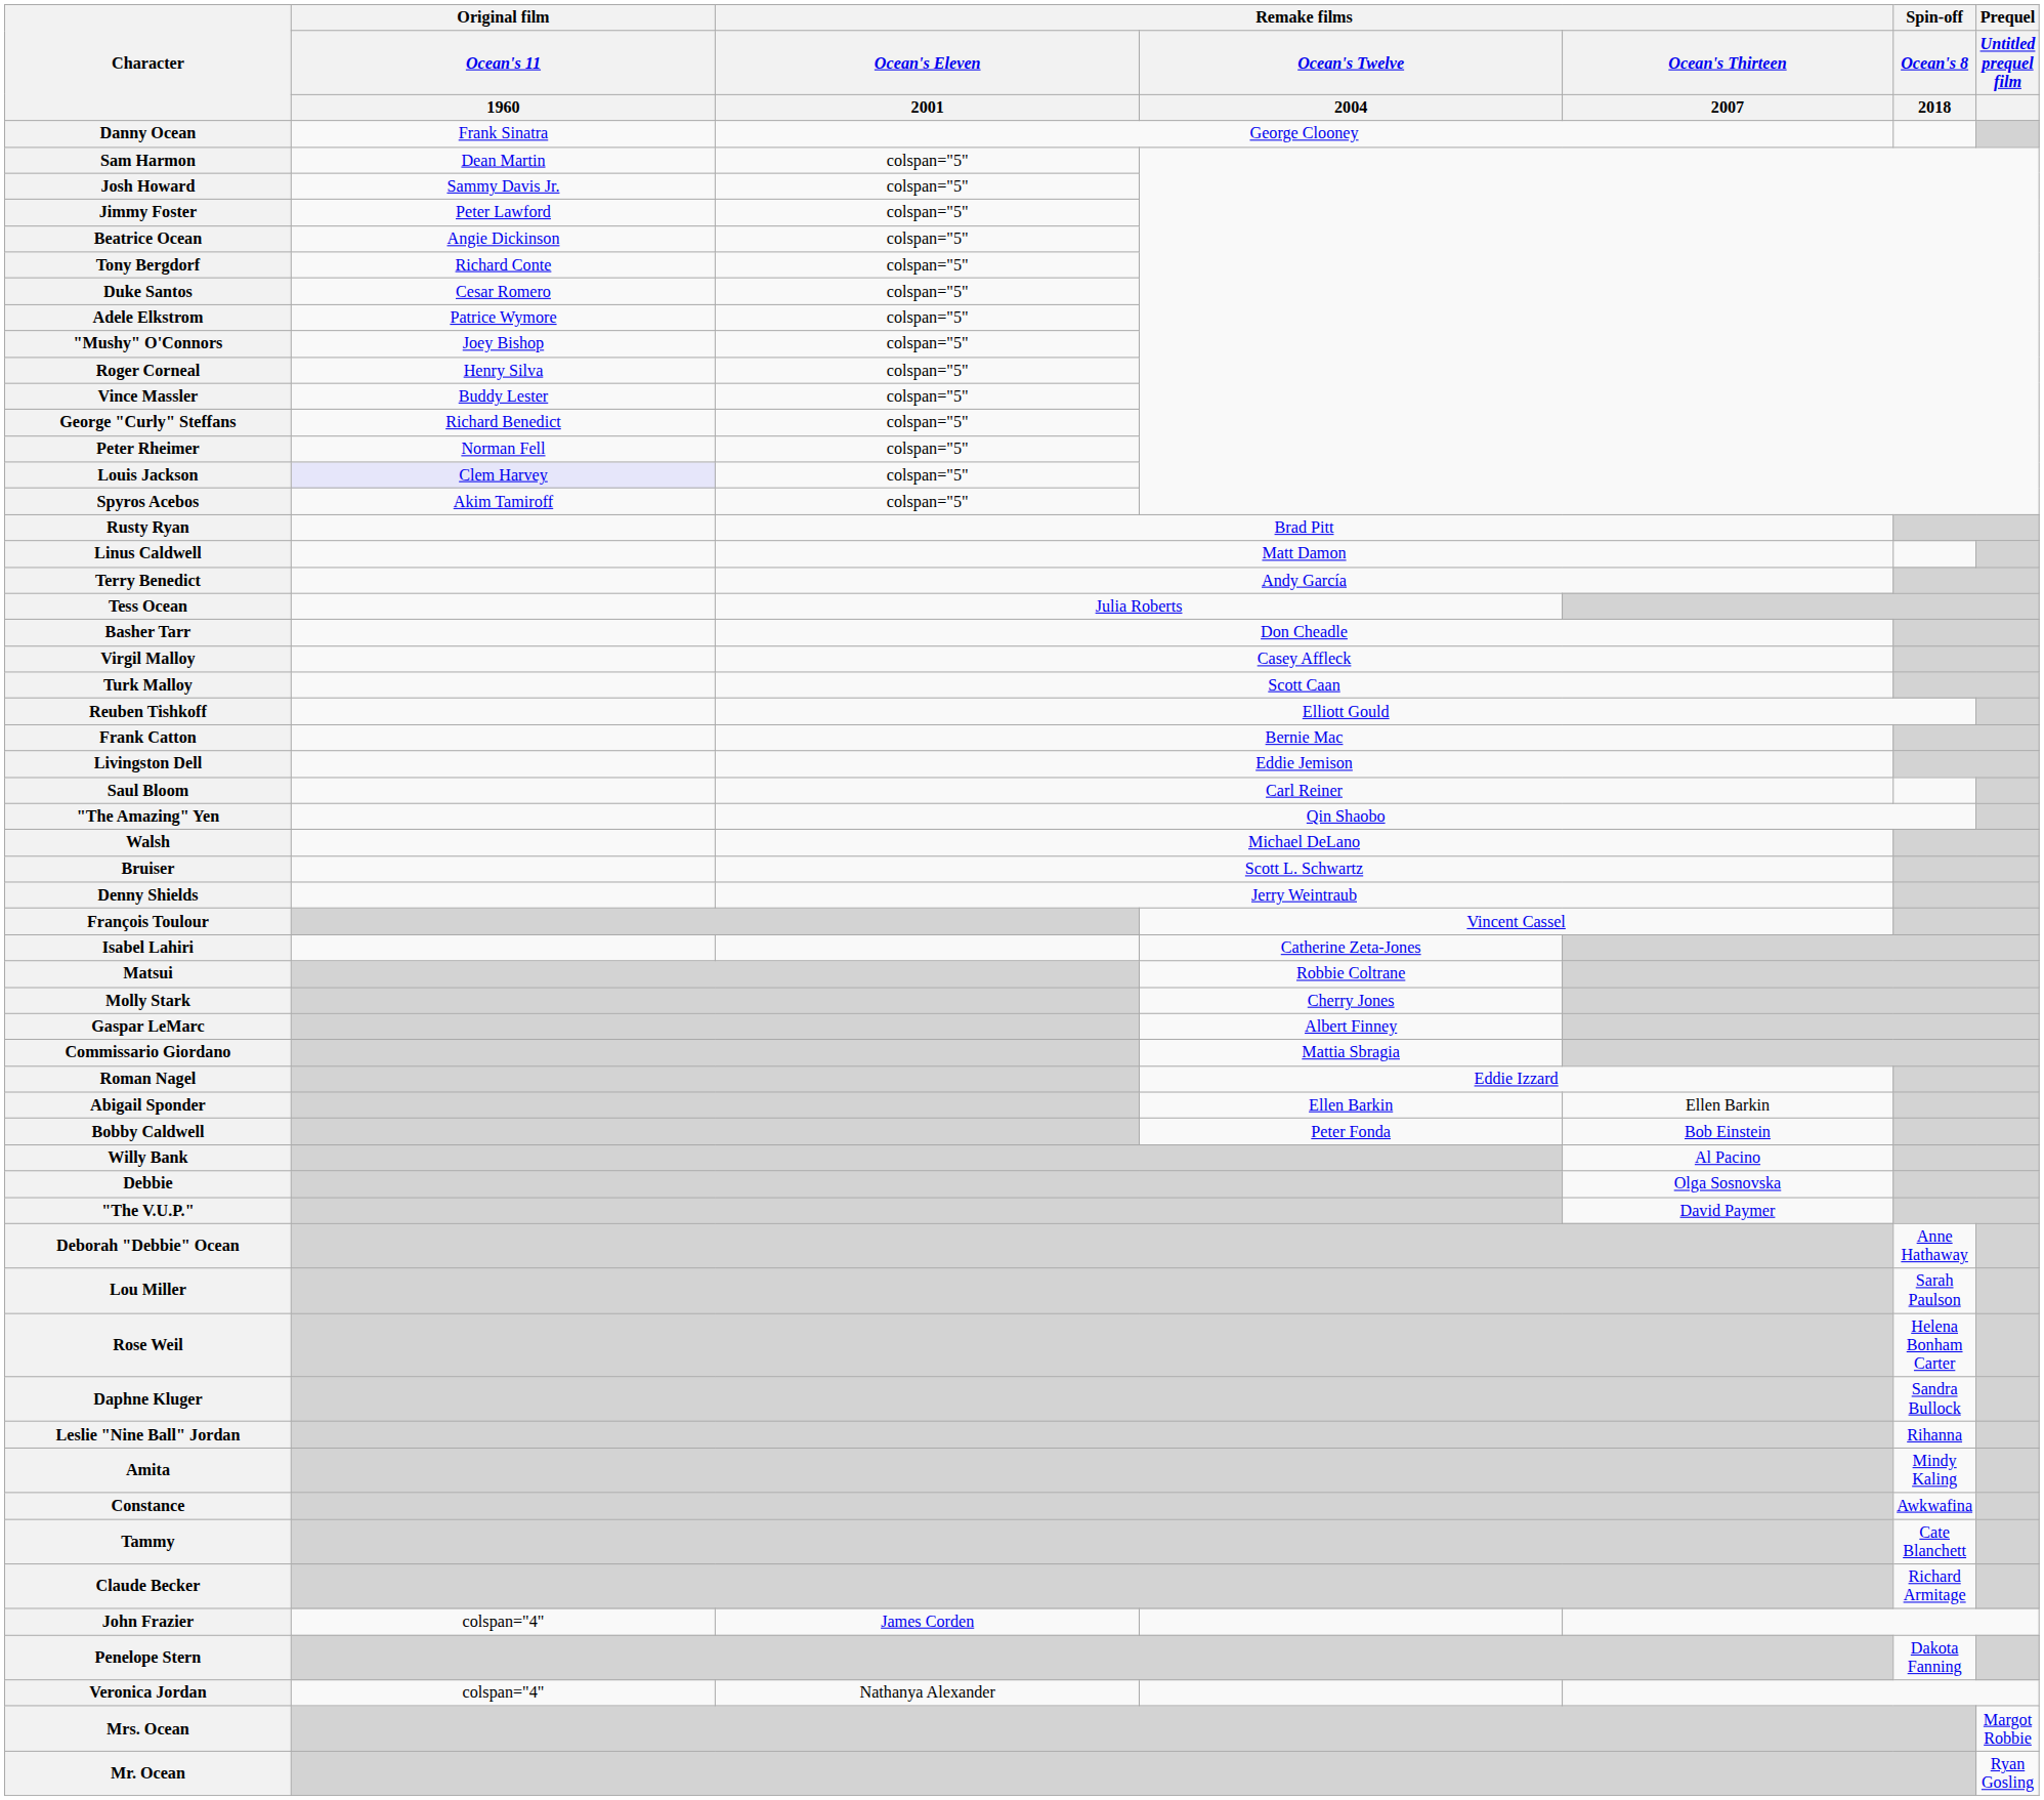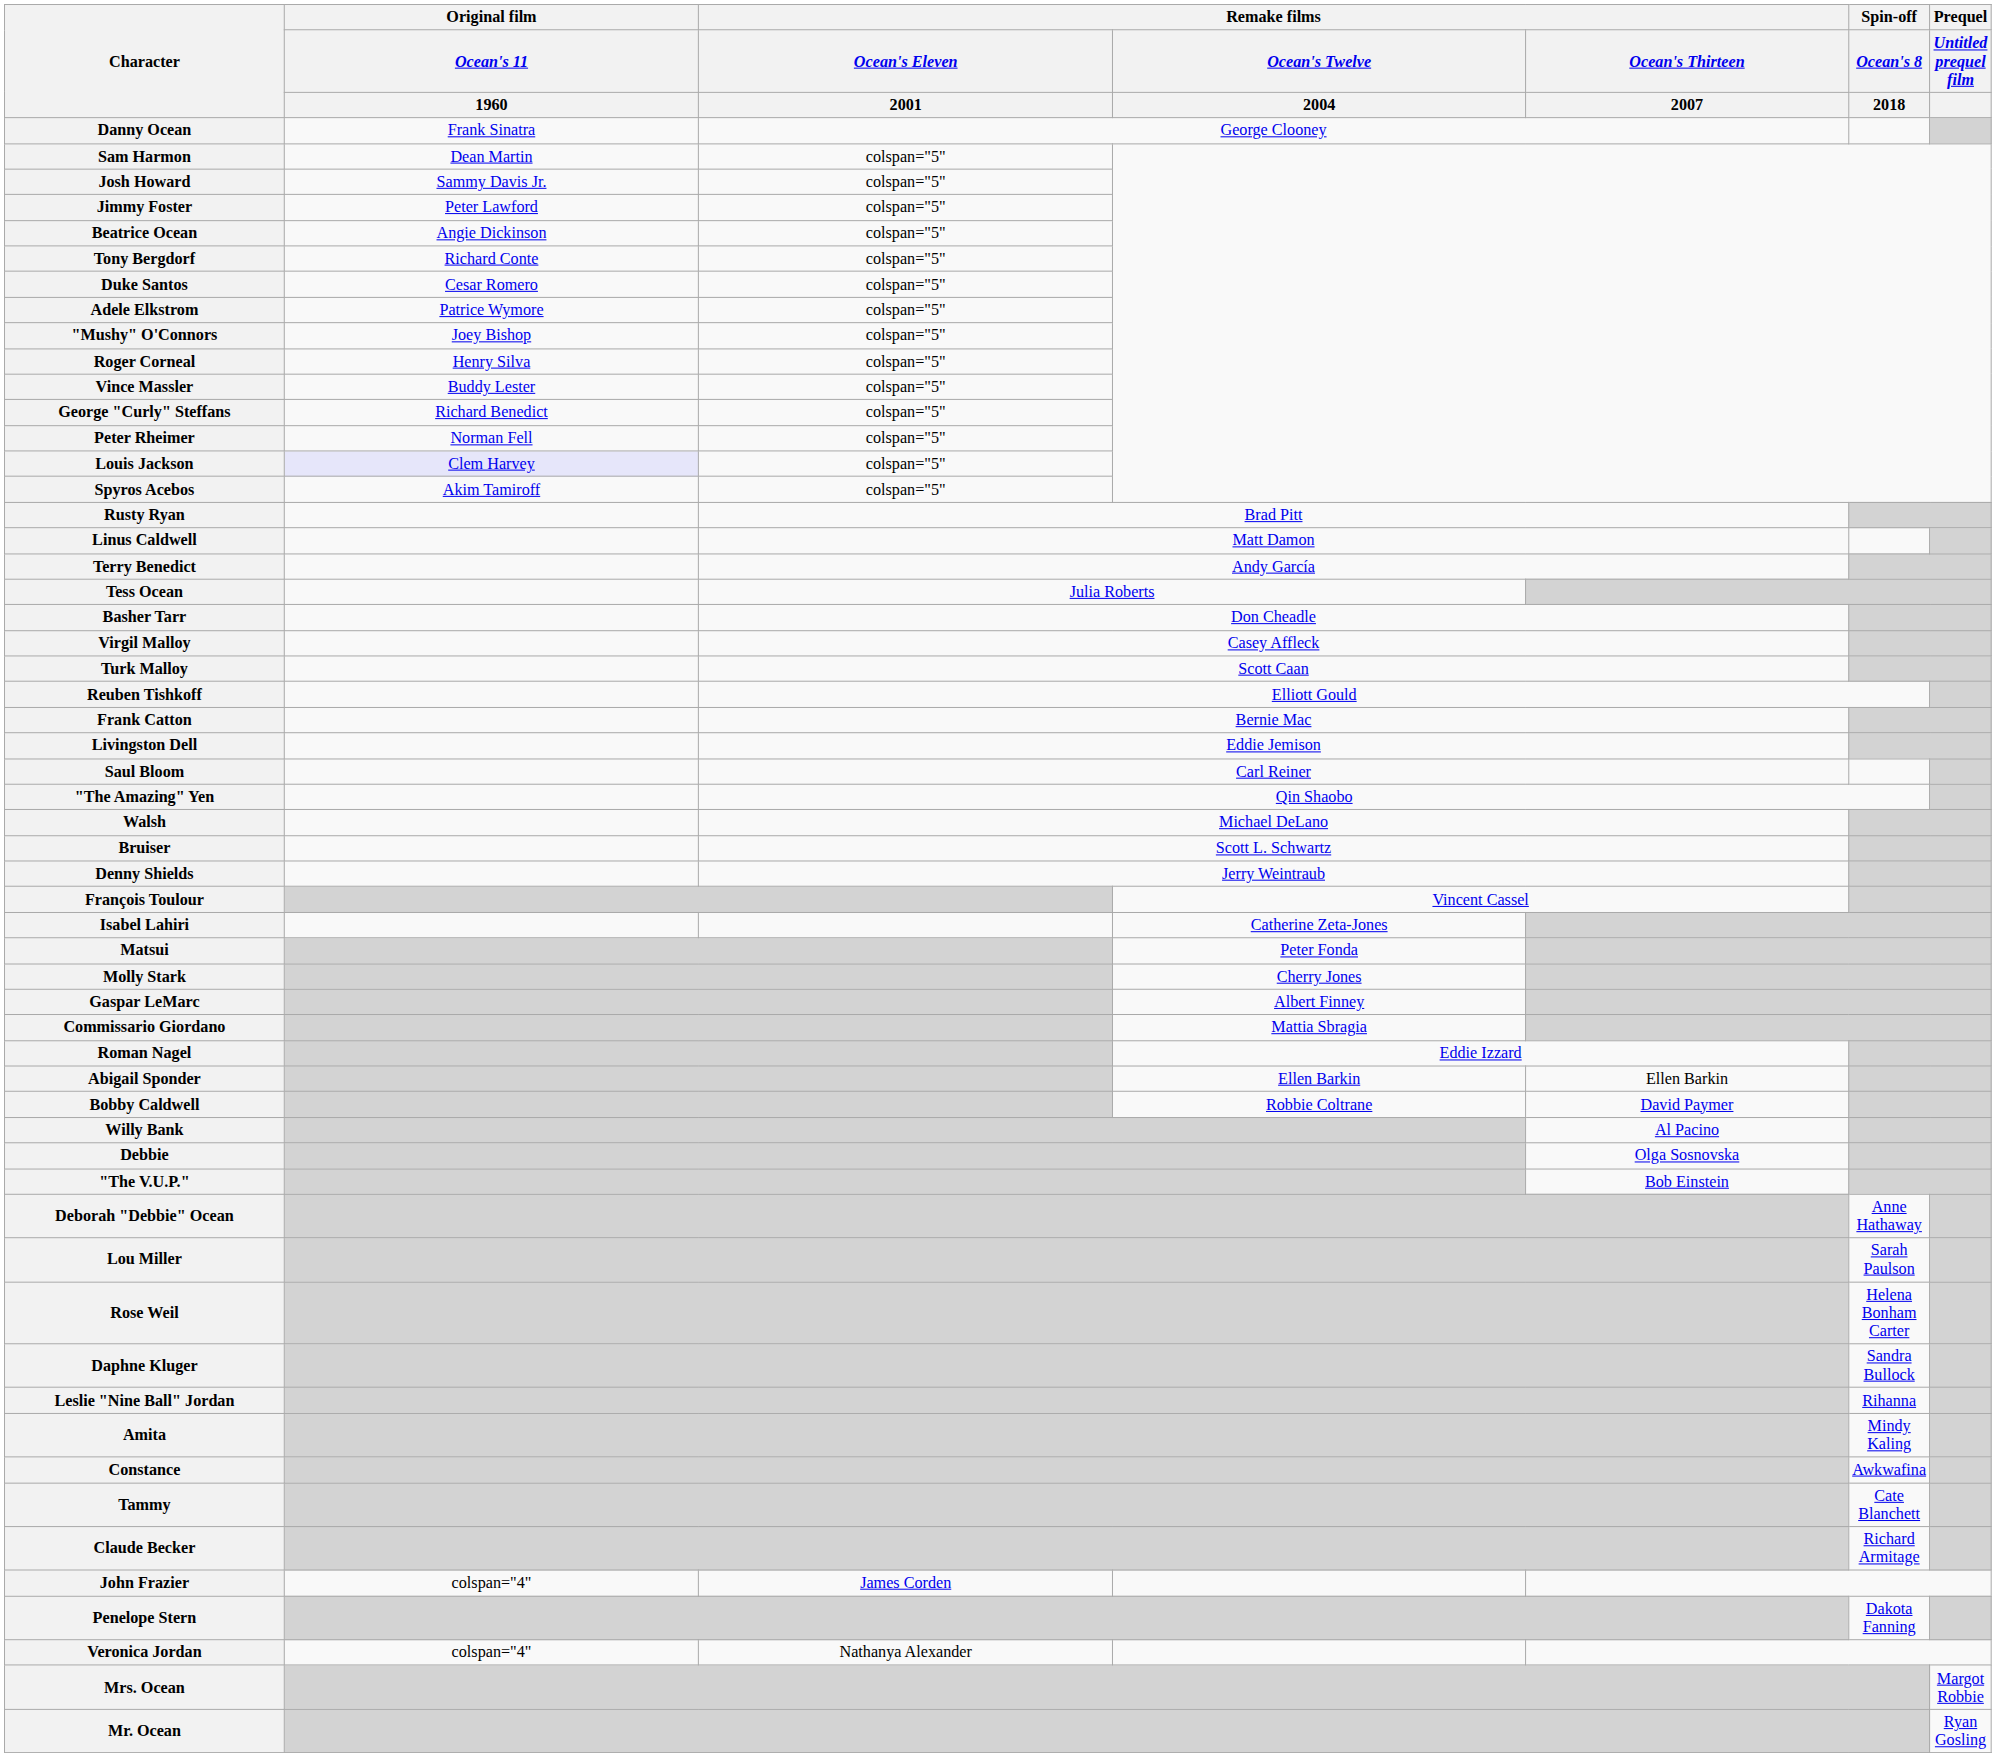 <table class="wikitable" style="text-align:center">
 <tr>
 <th rowspan="3" colspan="1" width="15%">Character</th>
 <th colspan="1" align="center">Original film</th>
 <th colspan="3" align="center">Remake films</th>
 <th align="center">Spin-off</th>
 <th align="center">Prequel</th>
 </tr>
 <tr>
 <th align="center" width="22.50%"><em><a href='#'>Ocean's 11</a></em></th>
 <th align="center" width="22.50%"><em><a href='#'>Ocean's Eleven</a></em></th>
 <th align="center" width="22.50%"><em><a href='#'>Ocean's Twelve</a></em></th>
 <th align="center" width="22.50%"><em><a href='#'>Ocean's Thirteen</a></em></th>
 <th align="center" width="22.50%"><em><a href='#'>Ocean's 8</a></em></th>
 <th align="center" width="22.50%"><em><a href='#'>Untitled prequel film</a></em></th>
 </tr>
 <tr>
 <th>1960</th>
 <th>2001</th>
 <th>2004</th>
 <th>2007</th>
 <th>2018</th>
 <th></th>
 </tr>
 <tr>
 <th>Danny Ocean</th>
 <td><a href='#'>Frank Sinatra</a></td>
 <td colspan="3"><a href='#'>George Clooney</a></td>
 <td></td>
 <td style="background-color:lightgrey;"> </td>
 </tr>
 <tr>
 <th>Sam Harmon</th>
 <td><a href='#'>Dean Martin</a></td>
 <td>colspan="5" </td>
 </tr>
 <tr>
 <th>Josh Howard</th>
 <td><a href='#'>Sammy Davis Jr.</a></td>
 <td>colspan="5" </td>
 </tr>
 <tr>
 <th>Jimmy Foster</th>
 <td><a href='#'>Peter Lawford</a></td>
 <td>colspan="5" </td>
 </tr>
 <tr>
 <th>Beatrice Ocean</th>
 <td><a href='#'>Angie Dickinson</a></td>
 <td>colspan="5" </td>
 </tr>
 <tr>
 <th>Tony Bergdorf</th>
 <td><a href='#'>Richard Conte</a></td>
 <td>colspan="5" </td>
 </tr>
 <tr>
 <th>Duke Santos</th>
 <td><a href='#'>Cesar Romero</a></td>
 <td>colspan="5" </td>
 </tr>
 <tr>
 <th>Adele Elkstrom</th>
 <td><a href='#'>Patrice Wymore</a></td>
 <td>colspan="5" </td>
 </tr>
 <tr>
 <th>"Mushy" O'Connors</th>
 <td><a href='#'>Joey Bishop</a></td>
 <td>colspan="5" </td>
 </tr>
 <tr>
 <th>Roger Corneal</th>
 <td><a href='#'>Henry Silva</a></td>
 <td>colspan="5" </td>
 </tr>
 <tr>
 <th>Vince Massler</th>
 <td><a href='#'>Buddy Lester</a></td>
 <td>colspan="5" </td>
 </tr>
 <tr>
 <th>George "Curly" Steffans</th>
 <td><a href='#'>Richard Benedict</a></td>
 <td>colspan="5" </td>
 </tr>
 <tr>
 <th>Peter Rheimer</th>
 <td><a href='#'>Norman Fell</a></td>
 <td>colspan="5" </td>
 </tr>
 <tr>
 <th>Louis Jackson</th>
 <td style="background: lavender;"><a href='#'>Clem Harvey</a></td>
 <td>colspan="5" </td>
 </tr>
 <tr>
 <th>Spyros Acebos</th>
 <td><a href='#'>Akim Tamiroff</a></td>
 <td>colspan="5" </td>
 </tr>
 <tr>
 <th>Rusty Ryan</th>
 <td></td>
 <td colspan="3"><a href='#'>Brad Pitt</a></td>
 <td colspan="3" style="background-color:lightgrey;"> </td>
 </tr>
 <tr>
 <th>Linus Caldwell</th>
 <td></td>
 <td colspan="3"><a href='#'>Matt Damon</a></td>
 <td></td>
 <td colspan="2" style="background-color:lightgrey;"> </td>
 </tr>
 <tr>
 <th>Terry Benedict</th>
 <td></td>
 <td colspan="3"><a href='#'>Andy García</a></td>
 <td colspan="2" style="background-color:lightgrey;"> </td>
 </tr>
 <tr>
 <th>Tess Ocean</th>
 <td></td>
 <td colspan="2"><a href='#'>Julia Roberts</a></td>
 <td colspan="3" style="background-color:lightgrey;"> </td>
 </tr>
 <tr>
 <th>Basher Tarr</th>
 <td></td>
 <td colspan="3"><a href='#'>Don Cheadle</a></td>
 <td colspan="2" style="background-color:lightgrey;"> </td>
 </tr>
 <tr>
 <th>Virgil Malloy</th>
 <td></td>
 <td colspan="3"><a href='#'>Casey Affleck</a></td>
 <td colspan="2" style="background-color:lightgrey;"> </td>
 </tr>
 <tr>
 <th>Turk Malloy</th>
 <td></td>
 <td colspan="3"><a href='#'>Scott Caan</a></td>
 <td colspan="2" style="background-color:lightgrey;"> </td>
 </tr>
 <tr>
 <th>Reuben Tishkoff</th>
 <td></td>
 <td colspan="4"><a href='#'>Elliott Gould</a></td>
 <td style="background-color:lightgrey;"> </td>
 </tr>
 <tr>
 <th>Frank Catton</th>
 <td></td>
 <td colspan="3"><a href='#'>Bernie Mac</a></td>
 <td colspan="2" style="background-color:lightgrey;"> </td>
 </tr>
 <tr>
 <th>Livingston Dell</th>
 <td></td>
 <td colspan="3"><a href='#'>Eddie Jemison</a></td>
 <td colspan="2" style="background-color:lightgrey;"> </td>
 </tr>
 <tr>
 <th>Saul Bloom</th>
 <td></td>
 <td colspan="3"><a href='#'>Carl Reiner</a></td>
 <td></td>
 <td style="background-color:lightgrey;"> </td>
 </tr>
 <tr>
 <th>"The Amazing" Yen</th>
 <td></td>
 <td colspan="4"><a href='#'>Qin Shaobo</a></td>
 <td style="background-color:lightgrey;"> </td>
 </tr>
 <tr>
 <th>Walsh</th>
 <td></td>
 <td colspan="3"><a href='#'>Michael DeLano</a></td>
 <td colspan="2" style="background-color:lightgrey;"> </td>
 </tr>
 <tr>
 <th>Bruiser</th>
 <td></td>
 <td colspan="3"><a href='#'>Scott L. Schwartz</a></td>
 <td colspan="2" style="background-color:lightgrey;"> </td>
 </tr>
 <tr>
 <th>Denny Shields</th>
 <td></td>
 <td colspan="3"><a href='#'>Jerry Weintraub</a></td>
 <td colspan="2" style="background-color:lightgrey;"> </td>
 </tr>
 <tr>
 <th>François Toulour <br></th>
 <td colspan="2" style="background-color:lightgrey;"> </td>
 <td colspan="2"><a href='#'>Vincent Cassel</a></td>
 <td colspan="2" style="background-color:lightgrey;"> </td>
 </tr>
 <tr>
 <th>Isabel Lahiri</th>
 <td></td>
 <td></td>
 <td><a href='#'>Catherine Zeta-Jones</a></td>
 <td colspan="3" style="background-color:lightgrey;"> </td>
 </tr>
 <tr>
 <th>Matsui</th>
 <td colspan="2" style="background-color:lightgrey;"> </td>
-<td><a href='#'>Robbie Coltrane</a></td>
+<td><a href='#'>Peter Fonda</a></td>
 <td colspan="3" style="background-color:lightgrey;"> </td>
 </tr>
 <tr>
 <th>Molly Stark</th>
 <td colspan="2" style="background-color:lightgrey;"> </td>
 <td><a href='#'>Cherry Jones</a></td>
 <td colspan="3" style="background-color:lightgrey;"> </td>
 </tr>
 <tr>
 <th>Gaspar LeMarc</th>
 <td colspan="2" style="background-color:lightgrey;"> </td>
 <td><a href='#'>Albert Finney</a></td>
 <td colspan="3" style="background-color:lightgrey;"> </td>
 </tr>
 <tr>
 <th>Commissario Giordano</th>
 <td colspan="2" style="background-color:lightgrey;"> </td>
 <td><a href='#'>Mattia Sbragia</a></td>
 <td colspan="3" style="background-color:lightgrey;"> </td>
 </tr>
 <tr>
 <th>Roman Nagel</th>
 <td colspan="2" style="background-color:lightgrey;"> </td>
 <td colspan="2"><a href='#'>Eddie Izzard</a></td>
 <td colspan="3" style="background-color:lightgrey;"> </td>
 </tr>
 <tr>
 <th>Abigail Sponder</th>
 <td colspan="2" style="background-color:lightgrey;"> </td>
 <td><a href='#'>Ellen Barkin</a></td>
 <td>Ellen Barkin</td>
 <td colspan="3" style="background-color:lightgrey;"> </td>
 </tr>
 <tr>
 <th>Bobby Caldwell</th>
 <td colspan="2" style="background-color:lightgrey;"> </td>
-<td><a href='#'>Peter Fonda</a></td>
-<td><a href='#'>Bob Einstein</a></td>
+<td><a href='#'>Robbie Coltrane</a></td>
+<td><a href='#'>David Paymer</a></td>
 <td colspan="3" style="background-color:lightgrey;"> </td>
 </tr>
 <tr>
 <th>Willy Bank</th>
 <td colspan="3" style="background-color:lightgrey;"> </td>
 <td><a href='#'>Al Pacino</a></td>
 <td colspan="3" style="background-color:lightgrey;"> </td>
 </tr>
 <tr>
 <th>Debbie</th>
 <td colspan="3" style="background-color:lightgrey;"> </td>
 <td><a href='#'>Olga Sosnovska</a></td>
 <td colspan="3" style="background-color:lightgrey;"> </td>
 </tr>
 <tr>
 <th>"The V.U.P."</th>
 <td colspan="3" style="background-color:lightgrey;"> </td>
-<td><a href='#'>David Paymer</a></td>
+<td><a href='#'>Bob Einstein</a></td>
 <td colspan="3" style="background-color:lightgrey;"> </td>
 </tr>
 <tr>
 <th>Deborah "Debbie" Ocean</th>
 <td colspan="4" style="background-color:lightgrey;"> </td>
 <td><a href='#'>Anne Hathaway</a></td>
 <td style="background-color:lightgrey;"> </td>
 </tr>
 <tr>
 <th>Lou Miller</th>
 <td colspan="4" style="background-color:lightgrey;"> </td>
 <td><a href='#'>Sarah Paulson</a></td>
 <td style="background-color:lightgrey;"> </td>
 </tr>
 <tr>
 <th>Rose Weil</th>
 <td colspan="4" style="background-color:lightgrey;"> </td>
 <td><a href='#'>Helena Bonham Carter</a></td>
 <td style="background-color:lightgrey;"> </td>
 </tr>
 <tr>
 <th>Daphne Kluger</th>
 <td colspan="4" style="background-color:lightgrey;"> </td>
 <td><a href='#'>Sandra Bullock</a></td>
 <td style="background-color:lightgrey;"> </td>
 </tr>
 <tr>
 <th>Leslie "Nine Ball" Jordan</th>
 <td colspan="4" style="background-color:lightgrey;"> </td>
 <td><a href='#'>Rihanna</a></td>
 <td style="background-color:lightgrey;"> </td>
 </tr>
 <tr>
 <th>Amita</th>
 <td colspan="4" style="background-color:lightgrey;"> </td>
 <td><a href='#'>Mindy Kaling</a></td>
 <td style="background-color:lightgrey;"> </td>
 </tr>
 <tr>
 <th>Constance</th>
 <td colspan="4" style="background-color:lightgrey;"> </td>
 <td><a href='#'>Awkwafina</a></td>
 <td style="background-color:lightgrey;"> </td>
 </tr>
 <tr>
 <th>Tammy</th>
 <td colspan="4" style="background-color:lightgrey;"> </td>
 <td><a href='#'>Cate Blanchett</a></td>
 <td style="background-color:lightgrey;"> </td>
 </tr>
 <tr>
 <th>Claude Becker</th>
 <td colspan="4" style="background-color:lightgrey;"> </td>
 <td><a href='#'>Richard Armitage</a></td>
 <td style="background-color:lightgrey;"> </td>
 </tr>
 <tr>
 <th>John Frazier</th>
 <td>colspan="4" </td>
 <td><a href='#'>James Corden</a></td>
 <td></td>
 </tr>
 <tr>
 <th>Penelope Stern</th>
 <td colspan="4" style="background-color:lightgrey;"> </td>
 <td><a href='#'>Dakota Fanning</a></td>
 <td style="background-color:lightgrey;"> </td>
 </tr>
 <tr>
 <th>Veronica Jordan</th>
 <td>colspan="4" </td>
 <td>Nathanya Alexander</td>
 <td></td>
 </tr>
 <tr>
 <th>Mrs. Ocean</th>
 <td colspan="5" style="background-color:lightgrey;"> </td>
 <td><a href='#'>Margot Robbie</a></td>
 </tr>
 <tr>
 <th>Mr. Ocean</th>
 <td colspan="5" style="background-color:lightgrey;"> </td>
 <td><a href='#'>Ryan Gosling</a></td>
 </tr>
 <tr>
 </tr>
 </table>
